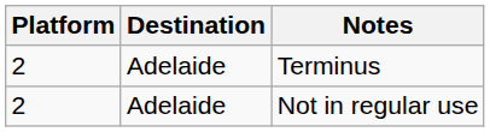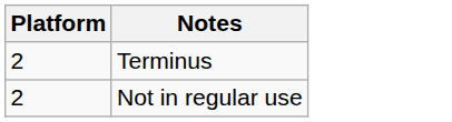 <table class="wikitable">
 <tr>
 <th>Platform</th>
-<th>Destination</th>
 <th>Notes</th>
 </tr>
 <tr>
 <td style="background:#"><span>2</span></td>
-<td>Adelaide</td>
 <td>Terminus</td>
 </tr>
 <tr>
 <td style="background:#"><span>2</span></td>
-<td>Adelaide</td>
 <td>Not in regular use</td>
 </tr>
 </table>
